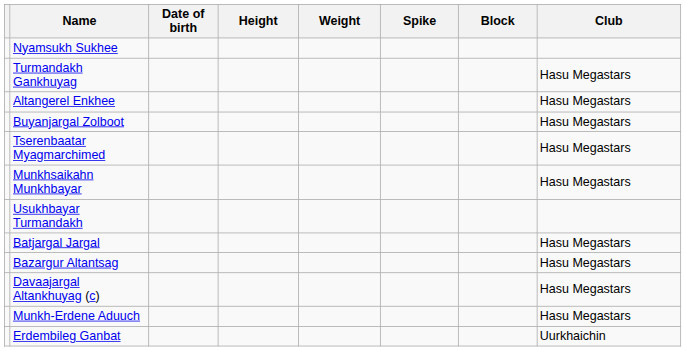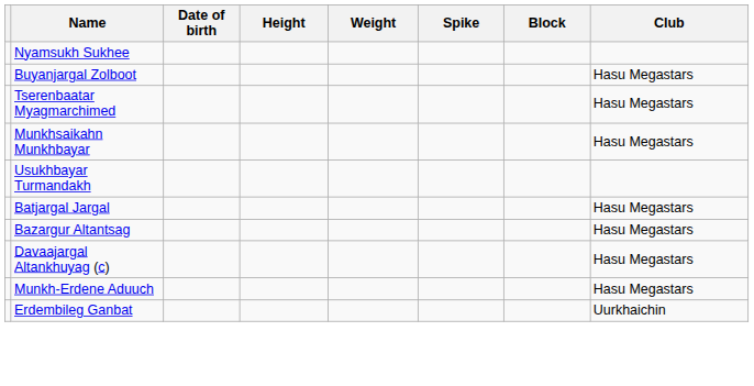 <table class="wikitable sortable" style="font-size:">
 <tr>
 <th></th>
 <th style="width:14em">Name</th>
 <th style="width:8em">Date of birth</th>
 <th style="width:9em">Height</th>
 <th style="width:9em">Weight</th>
 <th style="width:9em">Spike</th>
 <th style="width:9em">Block</th>
 <th style="width:17em">Club</th>
 </tr>
 <tr>
 <td></td>
 <td align=left><a href='#'>Nyamsukh Sukhee</a></td>
 <td align=right></td>
 <td></td>
 <td></td>
 <td></td>
 <td></td>
 <td></td>
-</tr>
-<tr>
-<td></td>
-<td align=left><a href='#'>Turmandakh Gankhuyag</a></td>
-<td align=right></td>
-<td></td>
-<td></td>
-<td></td>
-<td></td>
-<td align="left"> Hasu Megastars</td>
-</tr>
-<tr>
-<td></td>
-<td align=left><a href='#'>Altangerel Enkhee</a></td>
-<td align=right></td>
-<td></td>
-<td></td>
-<td></td>
-<td></td>
-<td align="left"> Hasu Megastars</td>
 </tr>
 <tr>
 <td></td>
 <td align=left><a href='#'>Buyanjargal Zolboot</a></td>
 <td align=right></td>
 <td></td>
 <td></td>
 <td></td>
 <td></td>
 <td align="left"> Hasu Megastars</td>
 </tr>
 <tr>
 <td></td>
 <td align=left><a href='#'>Tserenbaatar Myagmarchimed</a></td>
 <td align=right></td>
 <td></td>
 <td></td>
 <td></td>
 <td></td>
 <td align="left"> Hasu Megastars</td>
 </tr>
 <tr>
 <td></td>
 <td align=left><a href='#'>Munkhsaikahn Munkhbayar</a></td>
 <td align=right></td>
 <td></td>
 <td></td>
 <td></td>
 <td></td>
 <td align="left"> Hasu Megastars</td>
 </tr>
 <tr>
 <td></td>
 <td align=left><a href='#'>Usukhbayar Turmandakh</a></td>
 <td align=right></td>
 <td></td>
 <td></td>
 <td></td>
 <td></td>
 <td></td>
 </tr>
 <tr>
 <td></td>
 <td align=left><a href='#'>Batjargal Jargal</a></td>
 <td align=right></td>
 <td></td>
 <td></td>
 <td></td>
 <td></td>
 <td align="left"> Hasu Megastars</td>
 </tr>
 <tr>
 <td></td>
 <td align=left><a href='#'>Bazargur Altantsag</a></td>
 <td align=right></td>
 <td></td>
 <td></td>
 <td></td>
 <td></td>
 <td align="left"> Hasu Megastars</td>
 </tr>
 <tr>
 <td></td>
 <td align=left><a href='#'>Davaajargal Altankhuyag</a> (<a href='#'>c</a>)</td>
 <td align=right></td>
 <td></td>
 <td></td>
 <td></td>
 <td></td>
 <td align="left"> Hasu Megastars</td>
 </tr>
 <tr>
 <td></td>
 <td align=left><a href='#'>Munkh-Erdene Aduuch</a></td>
 <td align=right></td>
 <td></td>
 <td></td>
 <td></td>
 <td></td>
 <td align="left"> Hasu Megastars</td>
 </tr>
 <tr>
 <td></td>
 <td align=left><a href='#'>Erdembileg Ganbat</a></td>
 <td align=right></td>
 <td></td>
 <td></td>
 <td></td>
 <td></td>
 <td align="left"> Uurkhaichin</td>
 </tr>
 </table>
